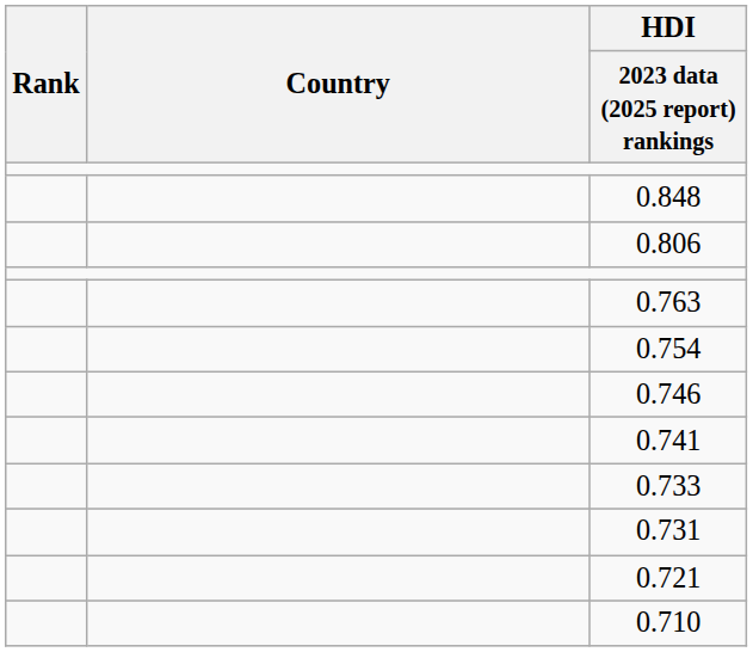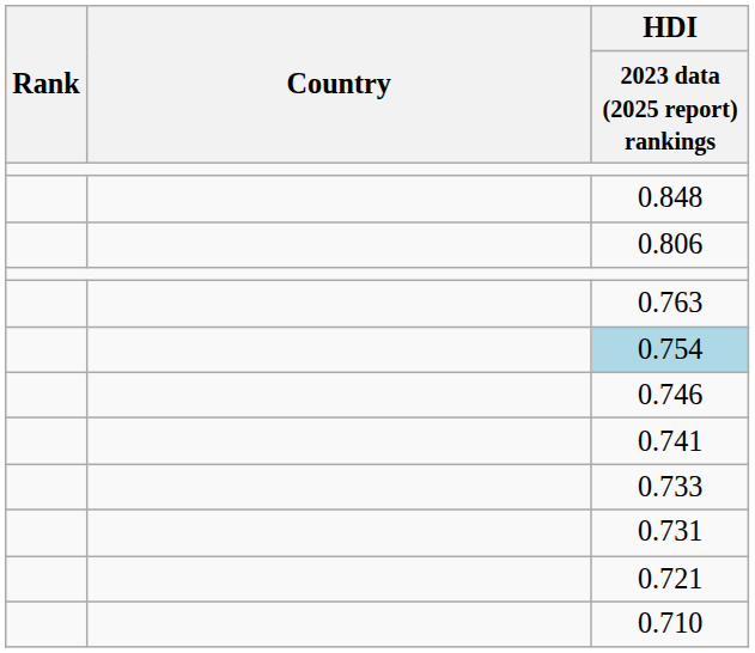 <table class="wikitable sortable" style="text-align:center">
 <tr>
 <th scope="col" rowspan="2" data-sort-type="number">Rank</th>
 <th scope="col" rowspan="2" style="width:17em;">Country</th>
 <th scope="col" colspan="2">HDI</th>
 </tr>
 <tr>
 <th scope="col" style="width:5em;" data-sort-type="number"><small>2023 data (2025 report) rankings</small></th>
 </tr>
 <tr>
 <td scope="row" colspan="4" background-color:#EAECF0;></td>
 </tr>
 <tr>
 <td></td>
 <td style="text-align:left"></td>
 <td>0.848</td>
 </tr>
 <tr>
 <td></td>
 <td style="text-align:left"></td>
 <td>0.806</td>
 </tr>
 <tr>
 <td scope="row" colspan="4" background-color:#EAECF0;></td>
 </tr>
 <tr>
 <td></td>
 <td style="text-align:left"></td>
 <td>0.763</td>
 </tr>
 <tr>
 <td></td>
 <td style="text-align:left"></td>
-<td>0.754</td>
+<td style="background: lightblue;">0.754</td>
 </tr>
 <tr>
 <td></td>
 <td style="text-align:left"></td>
 <td>0.746</td>
 </tr>
 <tr>
 <td></td>
 <td style="text-align:left"></td>
 <td>0.741</td>
 </tr>
 <tr>
 <td></td>
 <td style="text-align:left"></td>
 <td>0.733</td>
 </tr>
 <tr>
 <td></td>
 <td style="text-align:left"></td>
 <td>0.731</td>
 </tr>
 <tr>
 <td></td>
 <td style="text-align:left"></td>
 <td>0.721</td>
 </tr>
 <tr>
 <td></td>
 <td style="text-align:left"></td>
 <td>0.710</td>
 </tr>
 </table>
